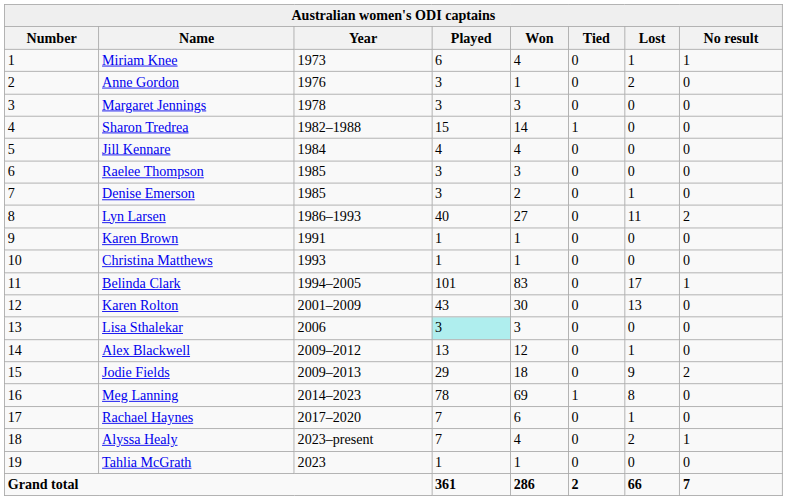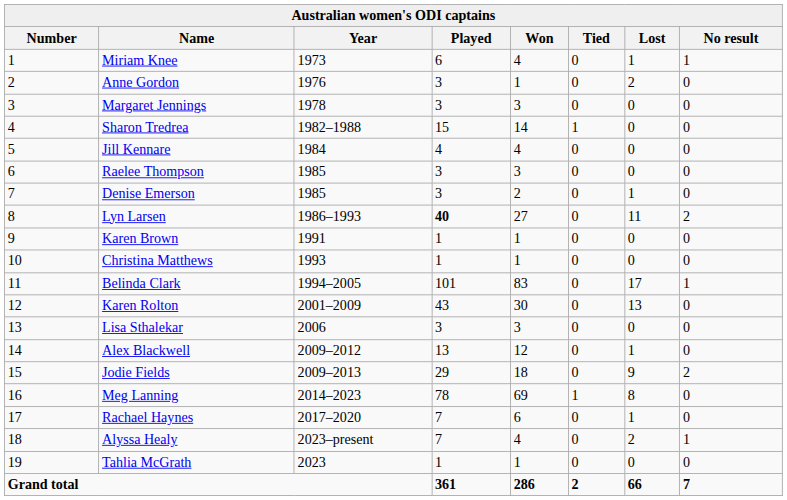 <table class="wikitable sortable" style="width:70%;">
 <tr>
 <th style="background:#efefef;" colspan="8">Australian women's ODI captains</th>
 </tr>
 <tr style="background:#efefef;">
 <th>Number</th>
 <th>Name</th>
 <th>Year</th>
 <th>Played</th>
 <th>Won</th>
 <th>Tied</th>
 <th>Lost</th>
 <th>No result</th>
 </tr>
 <tr>
 <td>1</td>
 <td><a href='#'>Miriam Knee</a></td>
 <td>1973</td>
 <td>6</td>
 <td>4</td>
 <td>0</td>
 <td>1</td>
 <td>1</td>
 </tr>
 <tr>
 <td>2</td>
 <td><a href='#'>Anne Gordon</a></td>
 <td>1976</td>
 <td>3</td>
 <td>1</td>
 <td>0</td>
 <td>2</td>
 <td>0</td>
 </tr>
 <tr>
 <td>3</td>
 <td><a href='#'>Margaret Jennings</a></td>
 <td>1978</td>
 <td>3</td>
 <td>3</td>
 <td>0</td>
 <td>0</td>
 <td>0</td>
 </tr>
 <tr>
 <td>4</td>
 <td><a href='#'>Sharon Tredrea</a></td>
 <td>1982–1988</td>
 <td>15</td>
 <td>14</td>
 <td>1</td>
 <td>0</td>
 <td>0</td>
 </tr>
 <tr>
 <td>5</td>
 <td><a href='#'>Jill Kennare</a></td>
 <td>1984</td>
 <td>4</td>
 <td>4</td>
 <td>0</td>
 <td>0</td>
 <td>0</td>
 </tr>
 <tr>
 <td>6</td>
 <td><a href='#'>Raelee Thompson</a></td>
 <td>1985</td>
 <td>3</td>
 <td>3</td>
 <td>0</td>
 <td>0</td>
 <td>0</td>
 </tr>
 <tr>
 <td>7</td>
 <td><a href='#'>Denise Emerson</a></td>
 <td>1985</td>
 <td>3</td>
 <td>2</td>
 <td>0</td>
 <td>1</td>
 <td>0</td>
 </tr>
 <tr>
 <td>8</td>
 <td><a href='#'>Lyn Larsen</a></td>
 <td>1986–1993</td>
-<td>40</td>
+<td><strong>40</strong></td>
 <td>27</td>
 <td>0</td>
 <td>11</td>
 <td>2</td>
 </tr>
 <tr>
 <td>9</td>
 <td><a href='#'>Karen Brown</a></td>
 <td>1991</td>
 <td>1</td>
 <td>1</td>
 <td>0</td>
 <td>0</td>
 <td>0</td>
 </tr>
 <tr>
 <td>10</td>
 <td><a href='#'>Christina Matthews</a></td>
 <td>1993</td>
 <td>1</td>
 <td>1</td>
 <td>0</td>
 <td>0</td>
 <td>0</td>
 </tr>
 <tr>
 <td>11</td>
 <td><a href='#'>Belinda Clark</a></td>
 <td>1994–2005</td>
 <td>101</td>
 <td>83</td>
 <td>0</td>
 <td>17</td>
 <td>1</td>
 </tr>
 <tr>
 <td>12</td>
 <td><a href='#'>Karen Rolton</a></td>
 <td>2001–2009</td>
 <td>43</td>
 <td>30</td>
 <td>0</td>
 <td>13</td>
 <td>0</td>
 </tr>
 <tr>
 <td>13</td>
 <td><a href='#'>Lisa Sthalekar</a></td>
 <td>2006</td>
-<td style="background: paleturquoise;">3</td>
+<td>3</td>
 <td>3</td>
 <td>0</td>
 <td>0</td>
 <td>0</td>
 </tr>
 <tr>
 <td>14</td>
 <td><a href='#'>Alex Blackwell</a></td>
 <td>2009–2012</td>
 <td>13</td>
 <td>12</td>
 <td>0</td>
 <td>1</td>
 <td>0</td>
 </tr>
 <tr>
 <td>15</td>
 <td><a href='#'>Jodie Fields</a></td>
 <td>2009–2013</td>
 <td>29</td>
 <td>18</td>
 <td>0</td>
 <td>9</td>
 <td>2</td>
 </tr>
 <tr>
 <td>16</td>
 <td><a href='#'>Meg Lanning</a></td>
 <td>2014–2023</td>
 <td>78</td>
 <td>69</td>
 <td>1</td>
 <td>8</td>
 <td>0</td>
 </tr>
 <tr>
 <td>17</td>
 <td><a href='#'>Rachael Haynes</a></td>
 <td>2017–2020</td>
 <td>7</td>
 <td>6</td>
 <td>0</td>
 <td>1</td>
 <td>0</td>
 </tr>
 <tr>
 <td>18</td>
 <td><a href='#'>Alyssa Healy</a></td>
 <td>2023–present</td>
 <td>7</td>
 <td>4</td>
 <td>0</td>
 <td>2</td>
 <td>1</td>
 </tr>
 <tr>
 <td>19</td>
 <td><a href='#'>Tahlia McGrath</a></td>
 <td>2023</td>
 <td>1</td>
 <td>1</td>
 <td>0</td>
 <td>0</td>
 <td>0</td>
 </tr>
 <tr>
 <td colspan=3><strong>Grand total</strong></td>
 <td><strong>361</strong></td>
 <td><strong>286</strong></td>
 <td><strong>2</strong></td>
 <td><strong>66</strong></td>
 <td><strong>7</strong></td>
 </tr>
 </table>
